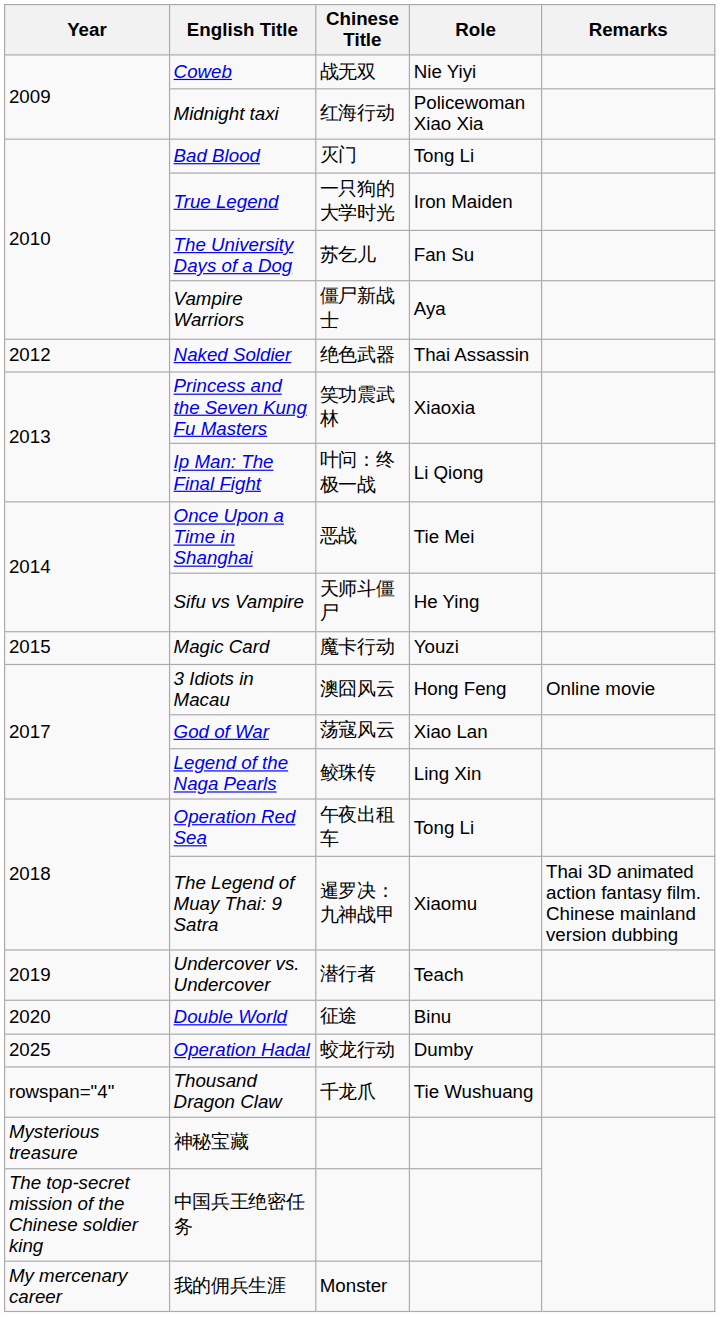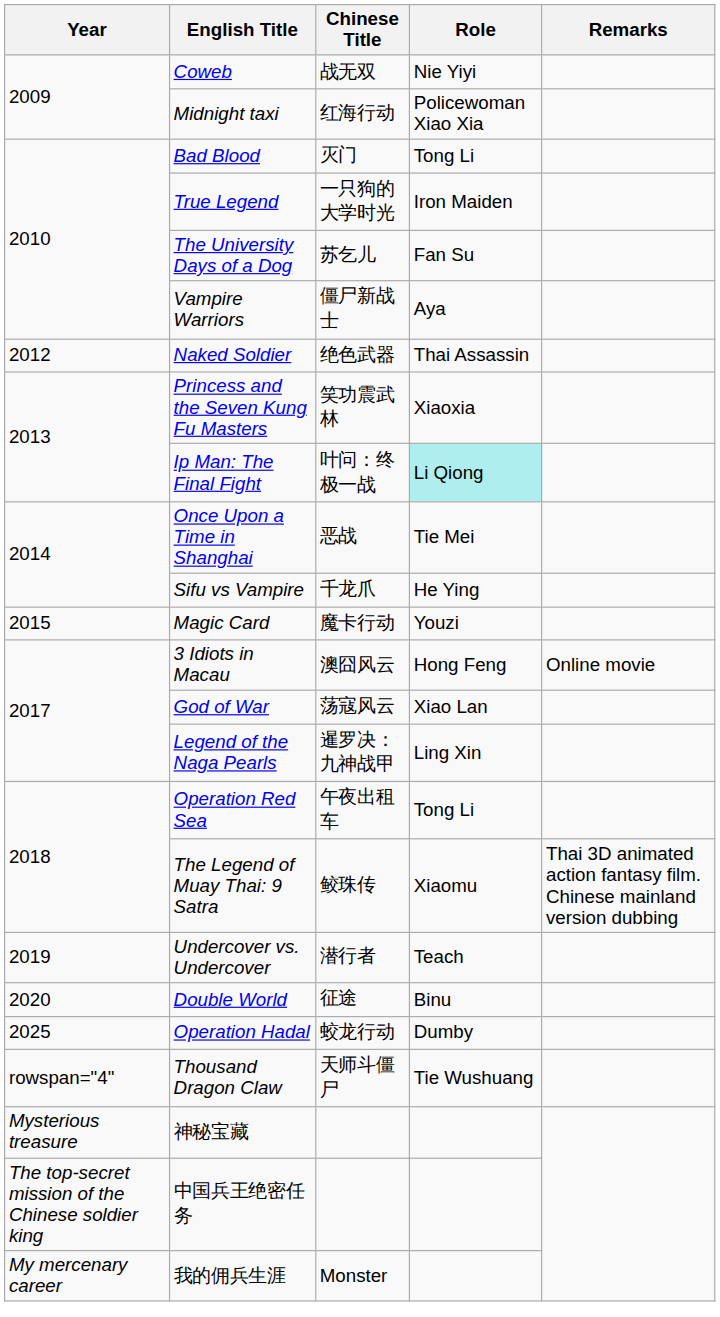 <table class="wikitable">
 <tr>
 <th>Year</th>
 <th>English Title</th>
 <th>Chinese Title</th>
 <th>Role</th>
 <th>Remarks</th>
 </tr>
 <tr>
 <td rowspan="2">2009</td>
 <td><em><a href='#'>Coweb</a></em></td>
 <td>战无双</td>
 <td>Nie Yiyi</td>
 <td></td>
 </tr>
 <tr>
 <td><em>Midnight taxi</em></td>
 <td>红海行动</td>
 <td>Policewoman Xiao Xia</td>
 <td></td>
 </tr>
 <tr>
 <td rowspan="4">2010</td>
 <td><a href='#'><em>Bad Blood</em></a></td>
 <td>灭门</td>
 <td>Tong Li</td>
 <td></td>
 </tr>
 <tr>
 <td><em><a href='#'>True Legend</a></em></td>
 <td>一只狗的大学时光</td>
 <td>Iron Maiden</td>
 <td></td>
 </tr>
 <tr>
 <td><em><a href='#'>The University Days of a Dog</a></em></td>
 <td>苏乞儿</td>
 <td>Fan Su</td>
 <td></td>
 </tr>
 <tr>
 <td><em>Vampire Warriors</em></td>
 <td>僵尸新战士</td>
 <td>Aya</td>
 <td></td>
 </tr>
 <tr>
 <td>2012</td>
 <td><em><a href='#'>Naked Soldier</a></em></td>
 <td>绝色武器</td>
 <td>Thai Assassin</td>
 <td></td>
 </tr>
 <tr>
 <td rowspan="2">2013</td>
 <td><em><a href='#'>Princess and the Seven Kung Fu Masters</a></em></td>
 <td>笑功震武林</td>
 <td>Xiaoxia</td>
 <td></td>
 </tr>
 <tr>
 <td><em><a href='#'>Ip Man: The Final Fight</a></em></td>
 <td>叶问：终极一战</td>
-<td>Li Qiong</td>
+<td style="background: paleturquoise;">Li Qiong</td>
 <td></td>
 </tr>
 <tr>
 <td rowspan="2">2014</td>
 <td><a href='#'><em>Once Upon a Time in Shanghai</em></a></td>
 <td>恶战</td>
 <td>Tie Mei</td>
 <td></td>
 </tr>
 <tr>
 <td><em>Sifu vs Vampire</em></td>
-<td>天师斗僵尸</td>
+<td>千龙爪</td>
 <td>He Ying</td>
 <td></td>
 </tr>
 <tr>
 <td>2015</td>
 <td><em>Magic Card</em></td>
 <td>魔卡行动</td>
 <td>Youzi</td>
 <td></td>
 </tr>
 <tr>
 <td rowspan="3">2017</td>
 <td><em>3 Idiots in Macau</em></td>
 <td>澳囧风云</td>
 <td>Hong Feng</td>
 <td>Online movie</td>
 </tr>
 <tr>
 <td><a href='#'><em>God of War</em></a></td>
 <td>荡寇风云</td>
 <td>Xiao Lan</td>
 <td></td>
 </tr>
 <tr>
 <td><em><a href='#'>Legend of the Naga Pearls</a></em></td>
-<td>鲛珠传</td>
+<td>暹罗决：九神战甲</td>
 <td>Ling Xin</td>
 <td></td>
 </tr>
 <tr>
 <td rowspan="2">2018</td>
 <td><em><a href='#'>Operation Red Sea</a></em></td>
 <td>午夜出租车</td>
 <td>Tong Li</td>
 <td></td>
 </tr>
 <tr>
 <td><em>The Legend of Muay Thai: 9 Satra</em></td>
-<td>暹罗决：九神战甲</td>
+<td>鲛珠传</td>
 <td>Xiaomu</td>
 <td>Thai 3D animated action fantasy film. Chinese mainland version dubbing</td>
 </tr>
 <tr>
 <td>2019</td>
 <td><em>Undercover vs. Undercover</em></td>
 <td>潜行者</td>
 <td>Teach</td>
 <td></td>
 </tr>
 <tr>
 <td>2020</td>
 <td><em><a href='#'>Double World</a></em></td>
 <td>征途</td>
 <td>Binu</td>
 <td></td>
 </tr>
 <tr>
 <td>2025</td>
 <td><em><a href='#'>Operation Hadal</a></em></td>
 <td>蛟龙行动</td>
 <td>Dumby</td>
 </tr>
 <tr>
 <td>rowspan="4" </td>
 <td><em>Thousand Dragon Claw</em></td>
-<td>千龙爪</td>
+<td>天师斗僵尸</td>
 <td>Tie Wushuang</td>
 <td></td>
 </tr>
 <tr>
 <td><em>Mysterious treasure</em></td>
 <td>神秘宝藏</td>
 <td></td>
 <td></td>
 </tr>
 <tr>
 <td><em>The top-secret mission of the Chinese soldier king</em></td>
 <td>中国兵王绝密任务</td>
 <td></td>
 <td></td>
 </tr>
 <tr>
 <td><em>My mercenary career</em></td>
 <td>我的佣兵生涯</td>
 <td>Monster</td>
 <td></td>
 </tr>
 </table>
